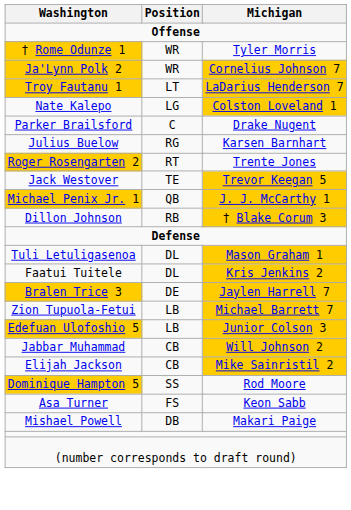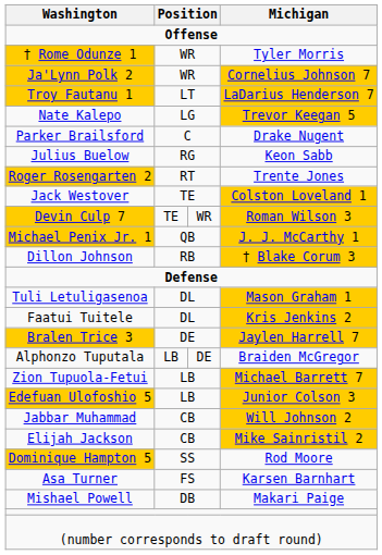 <table class="wikitable" style="margin:1em auto; text-align:center; font-size: 95%;">
 <tr>
 <th>Washington</th>
 <th colspan=2>Position</th>
 <th>Michigan</th>
 </tr>
 <tr>
 <td colspan="4"><strong>Offense</strong></td>
 </tr>
 <tr>
 <td Bgcolor=#FFCC00>† <a href='#'>Rome Odunze</a> 1</td>
 <td colspan="2">WR</td>
 <td><a href='#'>Tyler Morris</a></td>
 </tr>
 <tr>
 <td Bgcolor=#FFCC00><a href='#'>Ja'Lynn Polk</a> 2</td>
 <td colspan=2>WR</td>
 <td Bgcolor=#FFCC00><a href='#'>Cornelius Johnson</a> 7</td>
 </tr>
 <tr>
 <td Bgcolor=#FFCC00><a href='#'>Troy Fautanu</a> 1</td>
 <td colspan=2>LT</td>
 <td Bgcolor=#FFCC00><a href='#'>LaDarius Henderson</a> 7</td>
 </tr>
 <tr>
 <td><a href='#'>Nate Kalepo</a></td>
 <td colspan=2>LG</td>
-<td Bgcolor=#FFCC00><a href='#'>Colston Loveland</a> 1</td>
+<td Bgcolor=#FFCC00><a href='#'>Trevor Keegan</a> 5</td>
 </tr>
 <tr>
 <td><a href='#'>Parker Brailsford</a></td>
 <td colspan=2>C</td>
 <td><a href='#'>Drake Nugent</a></td>
 </tr>
 <tr>
 <td><a href='#'>Julius Buelow</a></td>
 <td colspan=2>RG</td>
-<td><a href='#'>Karsen Barnhart</a></td>
+<td><a href='#'>Keon Sabb</a></td>
 </tr>
 <tr>
 <td Bgcolor=#FFCC00><a href='#'>Roger Rosengarten</a> 2</td>
 <td colspan=2>RT</td>
 <td><a href='#'>Trente Jones</a></td>
 </tr>
 <tr>
 <td><a href='#'>Jack Westover</a></td>
 <td colspan=2>TE</td>
-<td Bgcolor=#FFCC00><a href='#'>Trevor Keegan</a> 5</td>
+<td Bgcolor=#FFCC00><a href='#'>Colston Loveland</a> 1</td>
+</tr>
+<tr>
+<td Bgcolor=#FFCC00><a href='#'>Devin Culp</a> 7</td>
+<td>TE</td>
+<td>WR</td>
+<td Bgcolor=#FFCC00><a href='#'>Roman Wilson</a> 3</td>
 </tr>
 <tr>
 <td Bgcolor=#FFCC00><a href='#'>Michael Penix Jr.</a> 1</td>
 <td colspan="2">QB</td>
 <td Bgcolor=#FFCC00><a href='#'>J. J. McCarthy</a> 1</td>
 </tr>
 <tr>
 <td><a href='#'>Dillon Johnson</a></td>
 <td colspan="2">RB</td>
 <td Bgcolor=#FFCC00>† <a href='#'>Blake Corum</a> 3</td>
 </tr>
 <tr>
 <td colspan="4"><strong>Defense</strong></td>
 </tr>
 <tr>
 <td><a href='#'>Tuli Letuligasenoa</a></td>
 <td colspan=2>DL</td>
 <td Bgcolor=#FFCC00><a href='#'>Mason Graham</a> 1</td>
 </tr>
 <tr>
 <td>Faatui Tuitele</td>
 <td colspan=2>DL</td>
 <td Bgcolor=#FFCC00><a href='#'>Kris Jenkins</a> 2</td>
 </tr>
 <tr>
 <td Bgcolor=#FFCC00><a href='#'>Bralen Trice</a> 3</td>
 <td colspan=2>DE</td>
 <td Bgcolor=#FFCC00><a href='#'>Jaylen Harrell</a> 7</td>
 </tr>
 <tr>
+<td>Alphonzo Tuputala</td>
+<td>LB</td>
+<td>DE</td>
+<td><a href='#'>Braiden McGregor</a></td>
+</tr>
+<tr>
 <td><a href='#'>Zion Tupuola-Fetui</a></td>
 <td colspan=2>LB</td>
 <td Bgcolor=#FFCC00><a href='#'>Michael Barrett</a> 7</td>
 </tr>
 <tr>
 <td Bgcolor=#FFCC00><a href='#'>Edefuan Ulofoshio</a> 5</td>
 <td colspan=2>LB</td>
 <td Bgcolor=#FFCC00><a href='#'>Junior Colson</a> 3</td>
 </tr>
 <tr>
 <td><a href='#'>Jabbar Muhammad</a></td>
 <td colspan=2>CB</td>
 <td Bgcolor=#FFCC00><a href='#'>Will Johnson</a> 2</td>
 </tr>
 <tr>
 <td><a href='#'>Elijah Jackson</a></td>
 <td colspan=2>CB</td>
 <td Bgcolor=#FFCC00><a href='#'>Mike Sainristil</a> 2</td>
 </tr>
 <tr>
 <td Bgcolor=#FFCC00><a href='#'>Dominique Hampton</a> 5</td>
 <td colspan=2>SS</td>
 <td><a href='#'>Rod Moore</a></td>
 </tr>
 <tr>
 <td><a href='#'>Asa Turner</a></td>
 <td colspan=2>FS</td>
-<td><a href='#'>Keon Sabb</a></td>
+<td><a href='#'>Karsen Barnhart</a></td>
 </tr>
 <tr>
 <td><a href='#'>Mishael Powell</a></td>
 <td colspan=2>DB</td>
 <td><a href='#'>Makari Paige</a></td>
 </tr>
 <tr>
 <td colspan="4"></td>
 </tr>
 <tr>
 <td colspan=4 align=center><br>(number corresponds to draft round)</td>
 </tr>
 </table>
